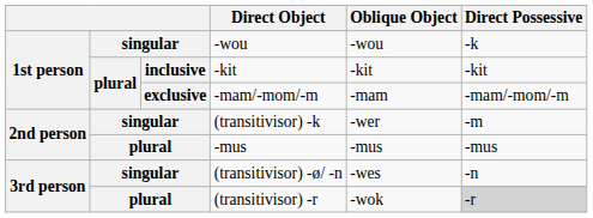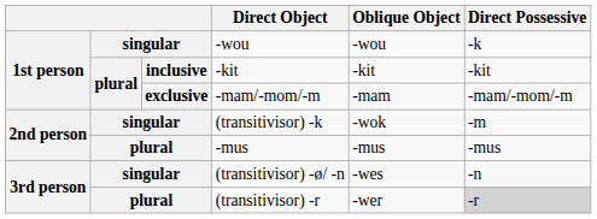 <table class="wikitable">
 <tr>
 <th colspan="3"></th>
 <th>Direct Object</th>
 <th>Oblique Object</th>
 <th>Direct Possessive</th>
 </tr>
 <tr>
 <th rowspan="3">1st person</th>
 <th colspan="2">singular</th>
 <td>-wou</td>
 <td>-wou</td>
 <td>-k</td>
 </tr>
 <tr>
 <th rowspan="2">plural</th>
 <th>inclusive</th>
 <td>-kit</td>
 <td>-kit</td>
 <td>-kit</td>
 </tr>
 <tr>
 <th>exclusive</th>
 <td>-mam/-mom/-m</td>
 <td>-mam</td>
 <td>-mam/-mom/-m</td>
 </tr>
 <tr>
 <th rowspan="2">2nd person</th>
 <th colspan="2">singular</th>
 <td>(transitivisor) -k</td>
-<td>-wer</td>
+<td>-wok</td>
 <td>-m</td>
 </tr>
 <tr>
 <th colspan="2">plural</th>
 <td>-mus</td>
 <td>-mus</td>
 <td>-mus</td>
 </tr>
 <tr>
 <th rowspan="2">3rd person</th>
 <th colspan="2">singular</th>
 <td>(transitivisor) -ø/ -n</td>
 <td>-wes</td>
 <td>-n</td>
 </tr>
 <tr>
 <th colspan="2">plural</th>
 <td>(transitivisor) -r</td>
-<td>-wok</td>
+<td>-wer</td>
 <td style="background: lightgrey;">-r</td>
 </tr>
 </table>
